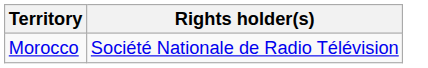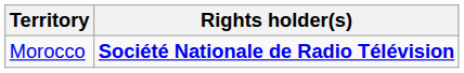 <table class="wikitable">
 <tr>
 <th>Territory</th>
 <th>Rights holder(s)</th>
 </tr>
 <tr>
 <td> <a href='#'>Morocco</a></td>
-<td><a href='#'>Société Nationale de Radio Télévision</a></td>
+<td><strong><a href='#'>Société Nationale de Radio Télévision</a></strong></td>
 </tr>
 </table>
